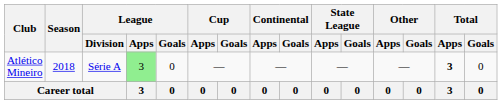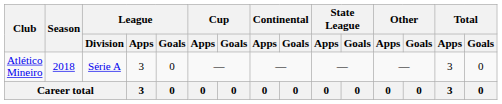 <table class="wikitable" style="text-align: center">
 <tr>
 <th rowspan="2">Club</th>
 <th rowspan="2">Season</th>
 <th colspan="3">League</th>
 <th colspan="2">Cup</th>
 <th colspan="2">Continental</th>
 <th colspan="2">State League</th>
 <th colspan="2">Other</th>
 <th colspan="2">Total</th>
 </tr>
 <tr>
 <th>Division</th>
 <th>Apps</th>
 <th>Goals</th>
 <th>Apps</th>
 <th>Goals</th>
 <th>Apps</th>
 <th>Goals</th>
 <th>Apps</th>
 <th>Goals</th>
 <th>Apps</th>
 <th>Goals</th>
 <th>Apps</th>
 <th>Goals</th>
 </tr>
 <tr>
 <td><a href='#'>Atlético Mineiro</a></td>
 <td><a href='#'>2018</a></td>
 <td><a href='#'>Série A</a></td>
-<td style="background: lightgreen;">3</td>
+<td>3</td>
 <td>0</td>
 <td colspan="2">—</td>
 <td colspan="2">—</td>
 <td colspan="2">—</td>
 <td colspan="2">—</td>
-<td><strong>3</strong></td>
+<td>3</td>
 <td>0</td>
 </tr>
 <tr>
 <th colspan="3"><strong>Career total</strong></th>
 <th>3</th>
 <th>0</th>
 <th>0</th>
 <th>0</th>
 <th>0</th>
 <th>0</th>
 <th>0</th>
 <th>0</th>
 <th>0</th>
 <th>0</th>
 <th>3</th>
 <th>0</th>
 </tr>
 </table>
